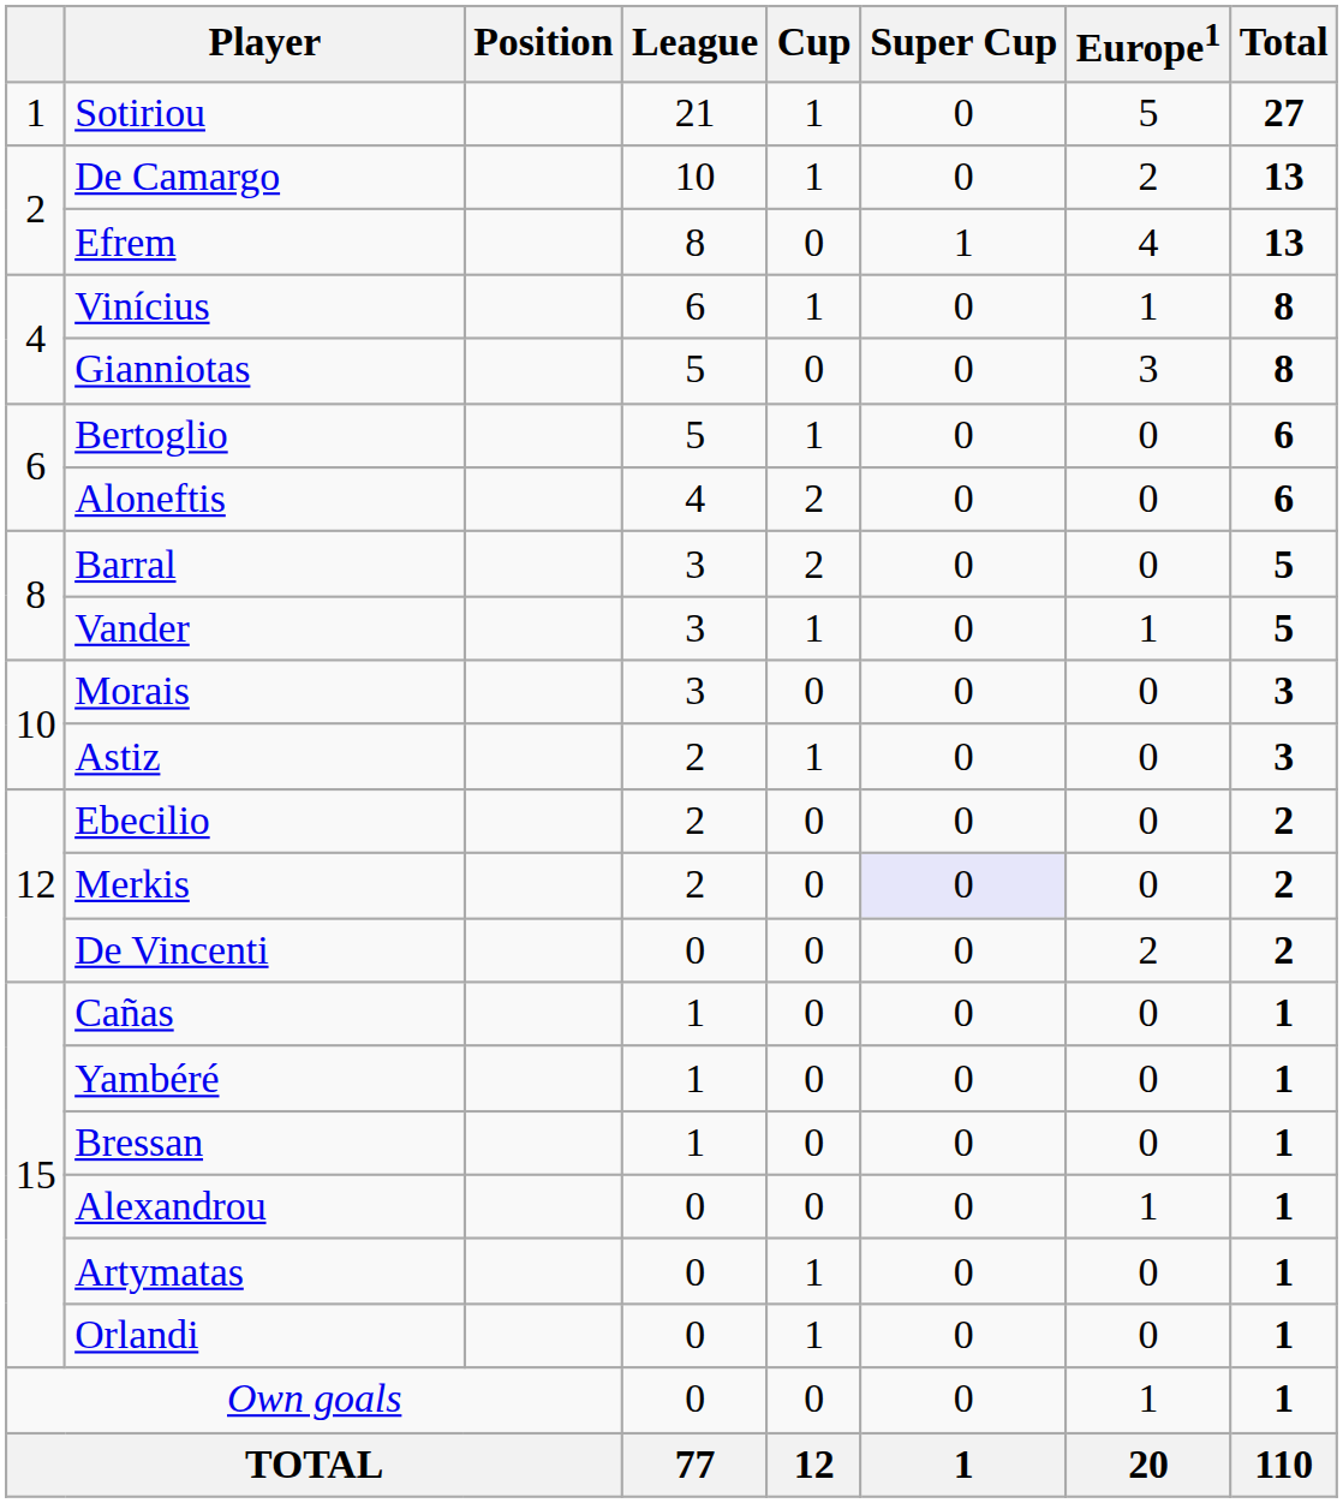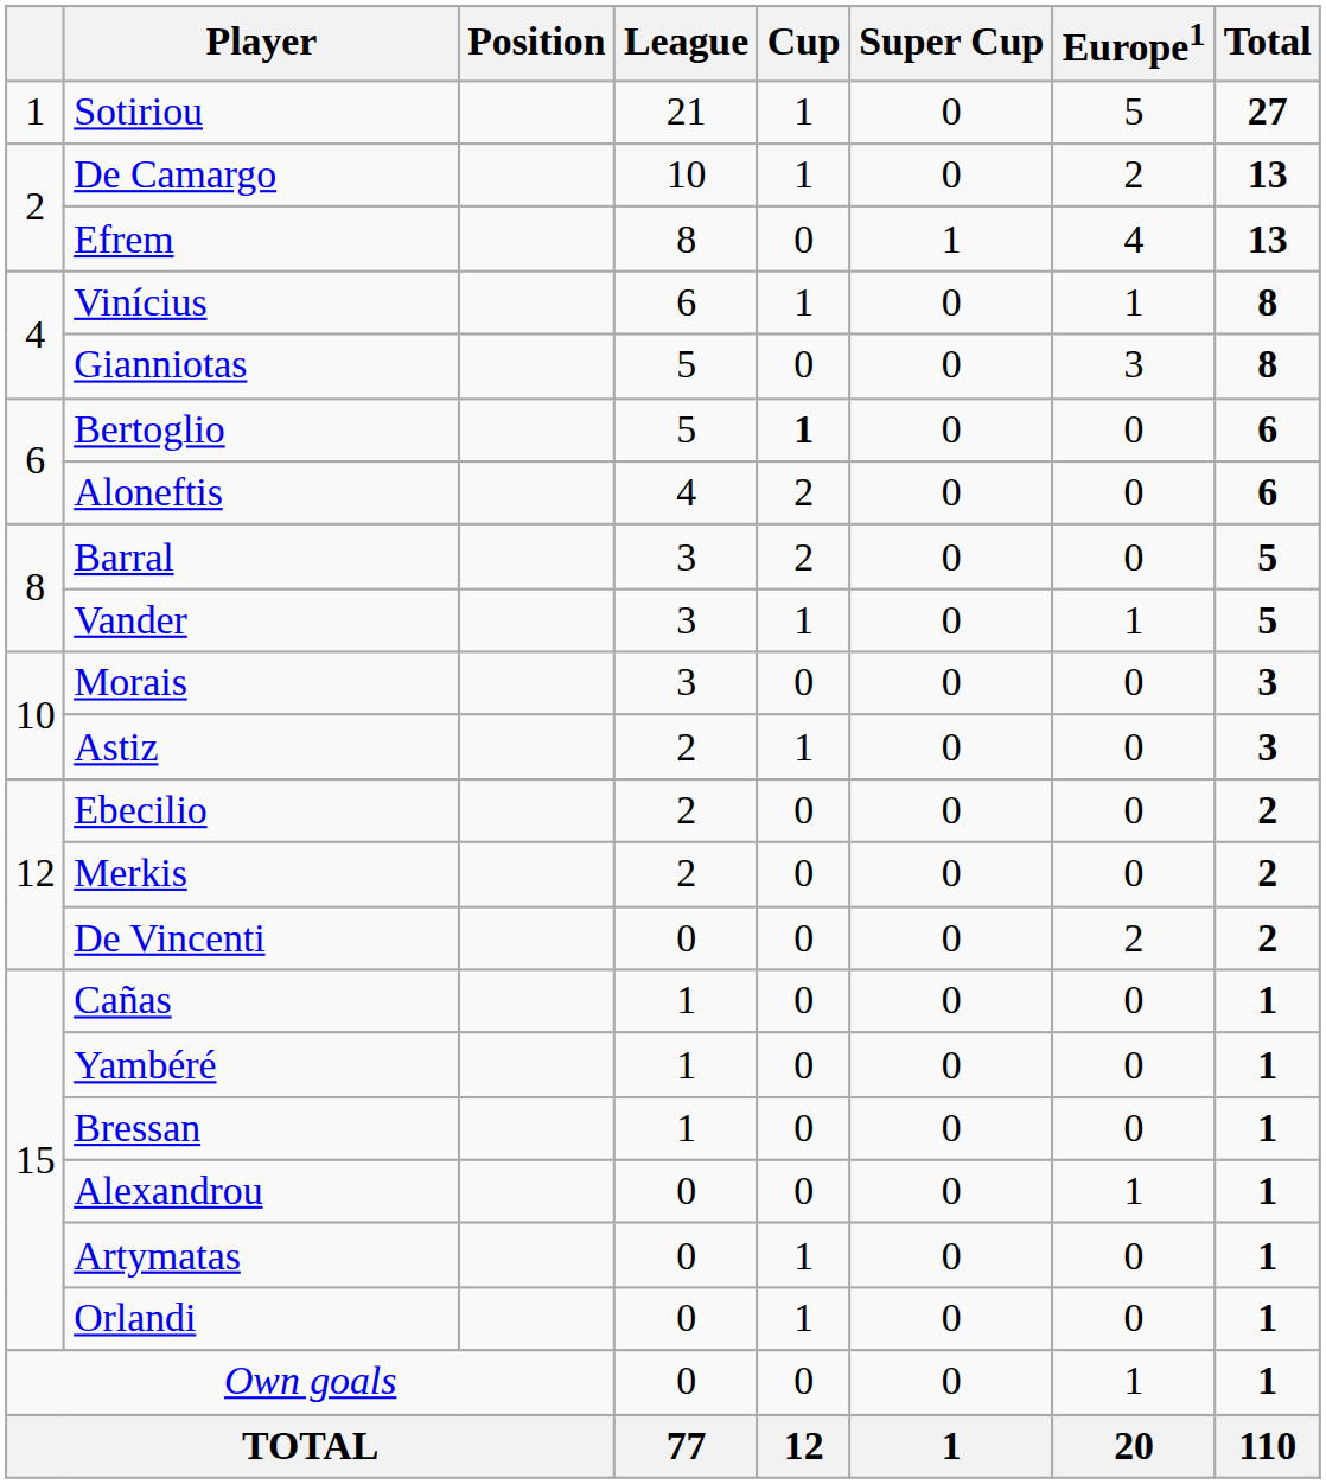 <table class="wikitable">
 <tr>
 <th></th>
 <th width="150">Player</th>
 <th>Position</th>
 <th>League</th>
 <th>Cup</th>
 <th>Super Cup</th>
 <th>Europe<sup>1</sup></th>
 <th>Total</th>
 </tr>
 <tr>
 <td align=center>1</td>
 <td> <a href='#'>Sotiriou</a></td>
 <td align=center></td>
 <td align=center>21</td>
 <td align=center>1</td>
 <td align=center>0</td>
 <td align=center>5</td>
 <td align=center><strong>27</strong></td>
 </tr>
 <tr>
 <td rowspan="2" align=center>2</td>
 <td> <a href='#'>De Camargo</a></td>
 <td align=center></td>
 <td align=center>10</td>
 <td align=center>1</td>
 <td align=center>0</td>
 <td align=center>2</td>
 <td align=center><strong>13</strong></td>
 </tr>
 <tr>
 <td> <a href='#'>Efrem</a></td>
 <td align=center></td>
 <td align=center>8</td>
 <td align=center>0</td>
 <td align=center>1</td>
 <td align=center>4</td>
 <td align=center><strong>13</strong></td>
 </tr>
 <tr>
 <td rowspan="2" align=center>4</td>
 <td> <a href='#'>Vinícius</a></td>
 <td align=center></td>
 <td align=center>6</td>
 <td align=center>1</td>
 <td align=center>0</td>
 <td align=center>1</td>
 <td align=center><strong>8</strong></td>
 </tr>
 <tr>
 <td> <a href='#'>Gianniotas</a></td>
 <td align=center></td>
 <td align=center>5</td>
 <td align=center>0</td>
 <td align=center>0</td>
 <td align=center>3</td>
 <td align=center><strong>8</strong></td>
 </tr>
 <tr>
 <td rowspan="2" align=center>6</td>
 <td> <a href='#'>Bertoglio</a></td>
 <td align=center></td>
 <td align=center>5</td>
-<td align=center>1</td>
+<td align=center><strong>1</strong></td>
 <td align=center>0</td>
 <td align=center>0</td>
 <td align=center><strong>6</strong></td>
 </tr>
 <tr>
 <td> <a href='#'>Aloneftis</a></td>
 <td align=center></td>
 <td align=center>4</td>
 <td align=center>2</td>
 <td align=center>0</td>
 <td align=center>0</td>
 <td align=center><strong>6</strong></td>
 </tr>
 <tr>
 <td rowspan="2" align=center>8</td>
 <td> <a href='#'>Barral</a></td>
 <td align=center></td>
 <td align=center>3</td>
 <td align=center>2</td>
 <td align=center>0</td>
 <td align=center>0</td>
 <td align=center><strong>5</strong></td>
 </tr>
 <tr>
 <td> <a href='#'>Vander</a></td>
 <td align=center></td>
 <td align=center>3</td>
 <td align=center>1</td>
 <td align=center>0</td>
 <td align=center>1</td>
 <td align=center><strong>5</strong></td>
 </tr>
 <tr>
 <td rowspan="2" align=center>10</td>
 <td> <a href='#'>Morais</a></td>
 <td align=center></td>
 <td align=center>3</td>
 <td align=center>0</td>
 <td align=center>0</td>
 <td align=center>0</td>
 <td align=center><strong>3</strong></td>
 </tr>
 <tr>
 <td> <a href='#'>Astiz</a></td>
 <td align=center></td>
 <td align=center>2</td>
 <td align=center>1</td>
 <td align=center>0</td>
 <td align=center>0</td>
 <td align=center><strong>3</strong></td>
 </tr>
 <tr>
 <td rowspan="3" align=center>12</td>
 <td> <a href='#'>Ebecilio</a></td>
 <td align=center></td>
 <td align=center>2</td>
 <td align=center>0</td>
 <td align=center>0</td>
 <td align=center>0</td>
 <td align=center><strong>2</strong></td>
 </tr>
 <tr>
 <td> <a href='#'>Merkis</a></td>
 <td align=center></td>
 <td align=center>2</td>
 <td align=center>0</td>
-<td align=center style="background: lavender;">0</td>
+<td align=center>0</td>
 <td align=center>0</td>
 <td align=center><strong>2</strong></td>
 </tr>
 <tr>
 <td> <a href='#'>De Vincenti</a></td>
 <td align=center></td>
 <td align=center>0</td>
 <td align=center>0</td>
 <td align=center>0</td>
 <td align=center>2</td>
 <td align=center><strong>2</strong></td>
 </tr>
 <tr>
 <td rowspan="6" align=center>15</td>
 <td> <a href='#'>Cañas</a></td>
 <td align=center></td>
 <td align=center>1</td>
 <td align=center>0</td>
 <td align=center>0</td>
 <td align=center>0</td>
 <td align=center><strong>1</strong></td>
 </tr>
 <tr>
 <td> <a href='#'>Yambéré</a></td>
 <td align=center></td>
 <td align=center>1</td>
 <td align=center>0</td>
 <td align=center>0</td>
 <td align=center>0</td>
 <td align=center><strong>1</strong></td>
 </tr>
 <tr>
 <td> <a href='#'>Bressan</a></td>
 <td align=center></td>
 <td align=center>1</td>
 <td align=center>0</td>
 <td align=center>0</td>
 <td align=center>0</td>
 <td align=center><strong>1</strong></td>
 </tr>
 <tr>
 <td> <a href='#'>Alexandrou</a></td>
 <td align=center></td>
 <td align=center>0</td>
 <td align=center>0</td>
 <td align=center>0</td>
 <td align=center>1</td>
 <td align=center><strong>1</strong></td>
 </tr>
 <tr>
 <td> <a href='#'>Artymatas</a></td>
 <td align=center></td>
 <td align=center>0</td>
 <td align=center>1</td>
 <td align=center>0</td>
 <td align=center>0</td>
 <td align=center><strong>1</strong></td>
 </tr>
 <tr>
 <td> <a href='#'>Orlandi</a></td>
 <td align=center></td>
 <td align=center>0</td>
 <td align=center>1</td>
 <td align=center>0</td>
 <td align=center>0</td>
 <td align=center><strong>1</strong></td>
 </tr>
 <tr>
 <td colspan="3" align=center><em><a href='#'>Own goals</a></em></td>
 <td align=center>0</td>
 <td align=center>0</td>
 <td align=center>0</td>
 <td align=center>1</td>
 <td align=center><strong>1</strong></td>
 </tr>
 <tr>
 <th colspan="3" align=center>TOTAL</th>
 <th align=center>77</th>
 <th align=center>12</th>
 <th align=center>1</th>
 <th align=center>20</th>
 <th align=center>110</th>
 </tr>
 </table>
